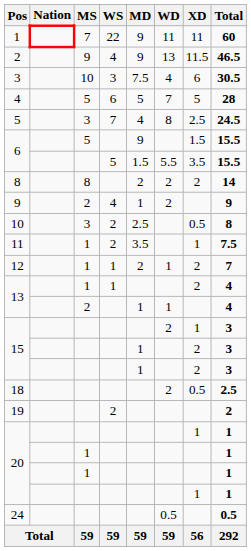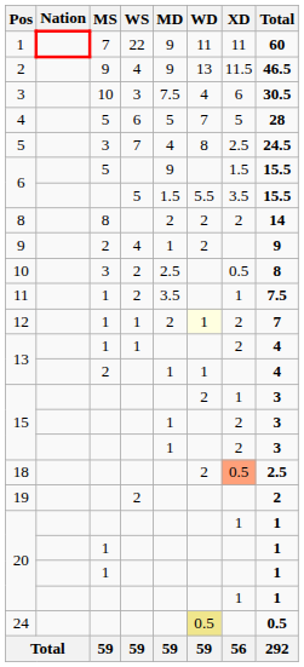 <table class="wikitable" style="text-align:center">
 <tr>
 <th>Pos</th>
 <th>Nation</th>
 <th>MS</th>
 <th>WS</th>
 <th>MD</th>
 <th>WD</th>
 <th>XD</th>
 <th>Total</th>
 </tr>
 <tr>
 <td>1</td>
 <td align=left style="border: 3px solid red"><strong></strong></td>
 <td>7</td>
 <td>22</td>
 <td>9</td>
 <td>11</td>
 <td>11</td>
 <td><strong>60</strong></td>
 </tr>
 <tr>
 <td>2</td>
 <td align=left></td>
 <td>9</td>
 <td>4</td>
 <td>9</td>
 <td>13</td>
 <td>11.5</td>
 <td><strong>46.5</strong></td>
 </tr>
 <tr>
 <td>3</td>
 <td align=left></td>
 <td>10</td>
 <td>3</td>
 <td>7.5</td>
 <td>4</td>
 <td>6</td>
 <td><strong>30.5</strong></td>
 </tr>
 <tr>
 <td>4</td>
 <td align=left></td>
 <td>5</td>
 <td>6</td>
 <td>5</td>
 <td>7</td>
 <td>5</td>
 <td><strong>28</strong></td>
 </tr>
 <tr>
 <td>5</td>
 <td align=left></td>
 <td>3</td>
 <td>7</td>
 <td>4</td>
 <td>8</td>
 <td>2.5</td>
 <td><strong>24.5</strong></td>
 </tr>
 <tr>
 <td rowspan=2>6</td>
 <td align=left></td>
 <td>5</td>
 <td></td>
 <td>9</td>
 <td></td>
 <td>1.5</td>
 <td><strong>15.5</strong></td>
 </tr>
 <tr>
 <td align=left></td>
 <td></td>
 <td>5</td>
 <td>1.5</td>
 <td>5.5</td>
 <td>3.5</td>
 <td><strong>15.5</strong></td>
 </tr>
 <tr>
 <td>8</td>
 <td align=left></td>
 <td>8</td>
 <td></td>
 <td>2</td>
 <td>2</td>
 <td>2</td>
 <td><strong>14</strong></td>
 </tr>
 <tr>
 <td>9</td>
 <td align=left></td>
 <td>2</td>
 <td>4</td>
 <td>1</td>
 <td>2</td>
 <td></td>
 <td><strong>9</strong></td>
 </tr>
 <tr>
 <td>10</td>
 <td align=left></td>
 <td>3</td>
 <td>2</td>
 <td>2.5</td>
 <td></td>
 <td>0.5</td>
 <td><strong>8</strong></td>
 </tr>
 <tr>
 <td>11</td>
 <td align=left></td>
 <td>1</td>
 <td>2</td>
 <td>3.5</td>
 <td></td>
 <td>1</td>
 <td><strong>7.5</strong></td>
 </tr>
 <tr>
 <td>12</td>
 <td align=left></td>
 <td>1</td>
 <td>1</td>
 <td>2</td>
-<td>1</td>
+<td style="background: lightyellow;">1</td>
 <td>2</td>
 <td><strong>7</strong></td>
 </tr>
 <tr>
 <td rowspan=2>13</td>
 <td align=left></td>
 <td>1</td>
 <td>1</td>
 <td></td>
 <td></td>
 <td>2</td>
 <td><strong>4</strong></td>
 </tr>
 <tr>
 <td align=left></td>
 <td>2</td>
 <td></td>
 <td>1</td>
 <td>1</td>
 <td></td>
 <td><strong>4</strong></td>
 </tr>
 <tr>
 <td rowspan=3>15</td>
 <td align=left></td>
 <td></td>
 <td></td>
 <td></td>
 <td>2</td>
 <td>1</td>
 <td><strong>3</strong></td>
 </tr>
 <tr>
 <td align=left></td>
 <td></td>
 <td></td>
 <td>1</td>
 <td></td>
 <td>2</td>
 <td><strong>3</strong></td>
 </tr>
 <tr>
 <td align=left></td>
 <td></td>
 <td></td>
 <td>1</td>
 <td></td>
 <td>2</td>
 <td><strong>3</strong></td>
 </tr>
 <tr>
 <td>18</td>
 <td align=left></td>
 <td></td>
 <td></td>
 <td></td>
 <td>2</td>
-<td>0.5</td>
+<td style="background: lightsalmon;">0.5</td>
 <td><strong>2.5</strong></td>
 </tr>
 <tr>
 <td>19</td>
 <td align=left><em></em></td>
 <td></td>
 <td>2</td>
 <td></td>
 <td></td>
 <td></td>
 <td><strong>2</strong></td>
 </tr>
 <tr>
 <td rowspan=4>20</td>
 <td align=left></td>
 <td></td>
 <td></td>
 <td></td>
 <td></td>
 <td>1</td>
 <td><strong>1</strong></td>
 </tr>
 <tr>
 <td align=left></td>
 <td>1</td>
 <td></td>
 <td></td>
 <td></td>
 <td></td>
 <td><strong>1</strong></td>
 </tr>
 <tr>
 <td align=left></td>
 <td>1</td>
 <td></td>
 <td></td>
 <td></td>
 <td></td>
 <td><strong>1</strong></td>
 </tr>
 <tr>
 <td align=left></td>
 <td></td>
 <td></td>
 <td></td>
 <td></td>
 <td>1</td>
 <td><strong>1</strong></td>
 </tr>
 <tr>
 <td>24</td>
 <td align=left></td>
 <td></td>
 <td></td>
 <td></td>
-<td>0.5</td>
+<td style="background: khaki;">0.5</td>
 <td></td>
 <td><strong>0.5</strong></td>
 </tr>
 <tr>
 <th colspan="2">Total</th>
 <th>59</th>
 <th>59</th>
 <th>59</th>
 <th>59</th>
 <th>56</th>
 <th>292</th>
 </tr>
 </table>
